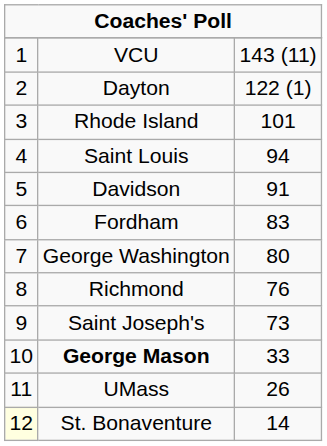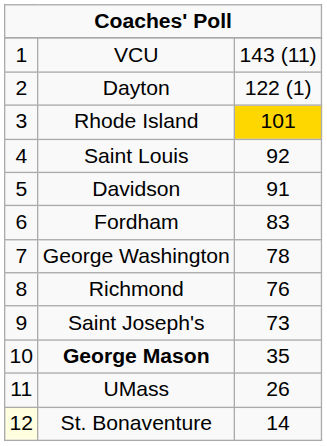 <table class="wikitable" style="display: inline-table;">
 <tr>
 <td align="center" Colspan="3"><strong>Coaches' Poll</strong></td>
 </tr>
 <tr align="center">
 </tr>
 <tr align="center">
 <td>1</td>
 <td>VCU</td>
 <td>143 (11)</td>
 </tr>
 <tr align="center">
 <td>2</td>
 <td>Dayton</td>
 <td>122 (1)</td>
 </tr>
 <tr align="center">
 <td>3</td>
 <td>Rhode Island</td>
-<td>101</td>
+<td style="background: gold;">101</td>
 </tr>
 <tr align="center">
 <td>4</td>
 <td>Saint Louis</td>
-<td>94</td>
+<td>92</td>
 </tr>
 <tr align="center">
 <td>5</td>
 <td>Davidson</td>
 <td>91</td>
 </tr>
 <tr align="center">
 <td>6</td>
 <td>Fordham</td>
 <td>83</td>
 </tr>
 <tr align="center">
 <td>7</td>
 <td>George Washington</td>
-<td>80</td>
+<td>78</td>
 </tr>
 <tr align="center">
 <td>8</td>
 <td>Richmond</td>
 <td>76</td>
 </tr>
 <tr align="center">
 <td>9</td>
 <td>Saint Joseph's</td>
 <td>73</td>
 </tr>
 <tr align="center">
 <td>10</td>
 <td><strong>George Mason</strong></td>
-<td>33</td>
+<td>35</td>
 </tr>
 <tr align="center">
 <td>11</td>
 <td>UMass</td>
 <td>26</td>
 </tr>
 <tr align="center">
 <td style="background: lightyellow;">12</td>
 <td>St. Bonaventure</td>
 <td>14</td>
 </tr>
 </table>
